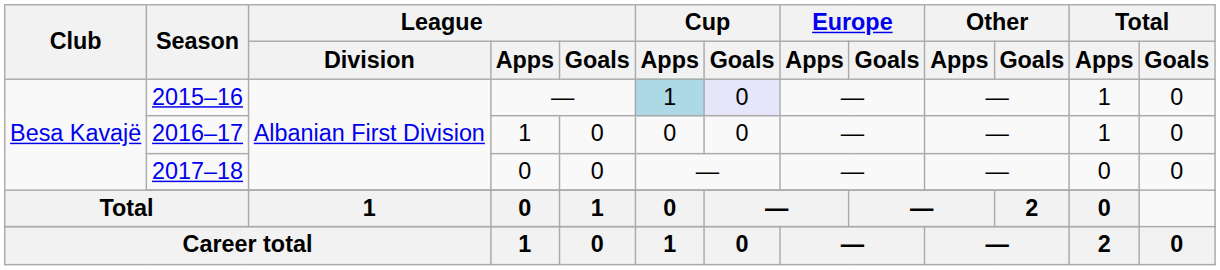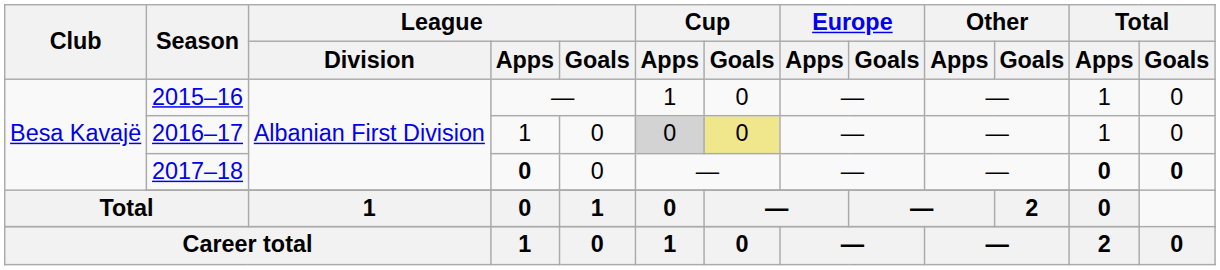 <table class="wikitable" style="text-align:center">
 <tr>
 <th rowspan="2">Club</th>
 <th rowspan="2">Season</th>
 <th colspan="3">League</th>
 <th colspan="2">Cup</th>
 <th colspan="2"><a href='#'>Europe</a></th>
 <th colspan="2">Other</th>
 <th colspan="2">Total</th>
 </tr>
 <tr>
 <th>Division</th>
 <th>Apps</th>
 <th>Goals</th>
 <th>Apps</th>
 <th>Goals</th>
 <th>Apps</th>
 <th>Goals</th>
 <th>Apps</th>
 <th>Goals</th>
 <th>Apps</th>
 <th>Goals</th>
 </tr>
 <tr>
 <td rowspan="4" valign="center"><a href='#'>Besa Kavajë</a></td>
 <td><a href='#'>2015–16</a></td>
 <td rowspan="3"><a href='#'>Albanian First Division</a></td>
 <td colspan="2">—</td>
-<td style="background: lightblue;">1</td>
-<td style="background: lavender;">0</td>
+<td>1</td>
+<td>0</td>
 <td colspan="2">—</td>
 <td colspan="2">—</td>
 <td>1</td>
 <td>0</td>
 </tr>
 <tr>
 <td><a href='#'>2016–17</a></td>
 <td>1</td>
 <td>0</td>
-<td>0</td>
-<td>0</td>
+<td style="background: lightgrey;">0</td>
+<td style="background: khaki;">0</td>
 <td colspan="2">—</td>
 <td colspan="2">—</td>
 <td>1</td>
 <td>0</td>
 </tr>
 <tr>
 <td><a href='#'>2017–18</a></td>
-<td>0</td>
+<td><strong>0</strong></td>
 <td>0</td>
 <td colspan="2">—</td>
 <td colspan="2">—</td>
 <td colspan="2">—</td>
-<td>0</td>
-<td>0</td>
+<td><strong>0</strong></td>
+<td><strong>0</strong></td>
 </tr>
 <tr>
 </tr>
 <tr>
 <th colspan="2" valign="center">Total</th>
 <th>1</th>
 <th>0</th>
 <th>1</th>
 <th>0</th>
 <th colspan="2">—</th>
 <th colspan="2">—</th>
 <th>2</th>
 <th>0</th>
 </tr>
 <tr>
 </tr>
 <tr>
 <th colspan="3">Career total</th>
 <th>1</th>
 <th>0</th>
 <th>1</th>
 <th>0</th>
 <th colspan="2">—</th>
 <th colspan="2">—</th>
 <th>2</th>
 <th>0</th>
 </tr>
 </table>
